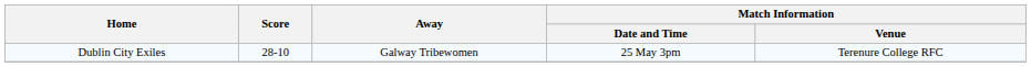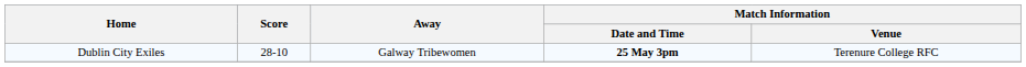 <table class="wikitable" border=1 style="border-collapse:collapse; font-size:90%; text-align:center;" cellpadding=3 cellspacing=0 width=100%>
 <tr style="background:#C1D8ff;">
 <th rowspan="2" width="19%">Home</th>
 <th rowspan="2" width="6%">Score</th>
 <th rowspan="2" width="19%">Away</th>
 <th colspan="4">Match Information</th>
 </tr>
 <tr style="background:#CCCCCC;">
 <th width="17%">Date and Time</th>
 <th width="22%">Venue</th>
 </tr>
 <tr bgcolor="#F5FAFF">
 <td>Dublin City Exiles</td>
 <td>28-10</td>
 <td>Galway Tribewomen</td>
-<td>25 May 3pm</td>
+<td><strong>25 May 3pm</strong></td>
 <td>Terenure College RFC</td>
 </tr>
 <tr bgcolor="#F5FAFF">
 </tr>
 </table>
